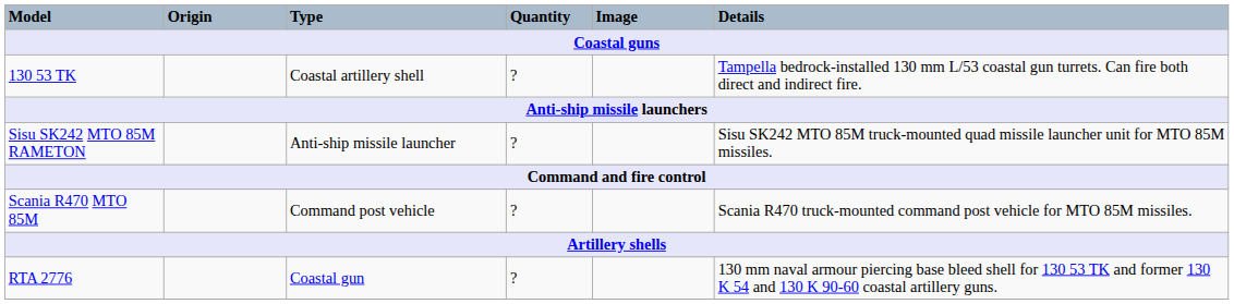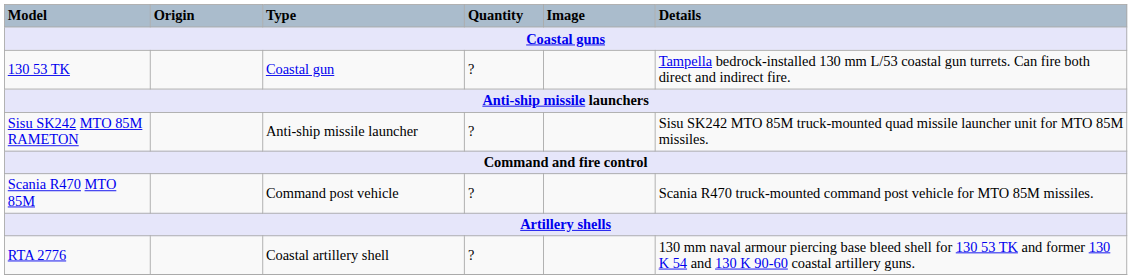 <table class="wikitable">
 <tr>
 <th style="text-align: left; background: #aabccc; width:13%;">Model</th>
 <th style="text-align: left; background: #aabccc; width:10%;">Origin</th>
 <th style="text-align: left; background: #aabccc; width:18%;">Type</th>
 <th style="text-align: left; background: #aabccc; width:7%;">Quantity</th>
 <th style="text-align: left; background: #aabccc;width:10%;">Image</th>
 <th style="text-align: left; background: #aabccc;width:42%;">Details</th>
 </tr>
 <tr>
 <th style="align: center; background: lavender;" colspan="7"><a href='#'>Coastal guns</a></th>
 </tr>
 <tr>
 <td><a href='#'>130 53 TK</a></td>
 <td></td>
-<td>Coastal artillery shell</td>
+<td><a href='#'>Coastal gun</a></td>
 <td>?</td>
 <td></td>
 <td><a href='#'>Tampella</a> bedrock-installed 130 mm L/53 coastal gun turrets. Can fire both direct and indirect fire.</td>
 </tr>
 <tr>
 <th style="align: center; background: lavender;" colspan="7"><a href='#'>Anti-ship missile</a> launchers</th>
 </tr>
 <tr>
 <td><a href='#'>Sisu SK242</a> <a href='#'>MTO 85M RAMETON</a></td>
 <td></td>
 <td>Anti-ship missile launcher</td>
 <td>?</td>
 <td></td>
 <td>Sisu SK242 MTO 85M truck-mounted quad missile launcher unit for MTO 85M missiles.</td>
 </tr>
 <tr>
 <th style="align: center; background: lavender;" colspan="7">Command and fire control</th>
 </tr>
 <tr>
 <td><a href='#'>Scania R470</a> <a href='#'>MTO 85M</a></td>
 <td></td>
 <td>Command post vehicle</td>
 <td>?</td>
 <td></td>
 <td>Scania R470 truck-mounted command post vehicle for MTO 85M missiles.</td>
 </tr>
 <tr>
 <th style="align: center; background: lavender;" colspan="7"><a href='#'>Artillery shells</a></th>
 </tr>
 <tr>
 <td><a href='#'>RTA 2776</a></td>
 <td><br></td>
-<td><a href='#'>Coastal gun</a></td>
+<td>Coastal artillery shell</td>
 <td>?</td>
 <td></td>
 <td>130 mm naval armour piercing base bleed shell for <a href='#'>130 53 TK</a> and former <a href='#'>130 K 54</a> and <a href='#'>130 K 90-60</a> coastal artillery guns.</td>
 </tr>
 <tr>
 </tr>
 </table>
